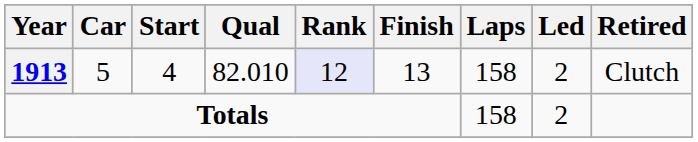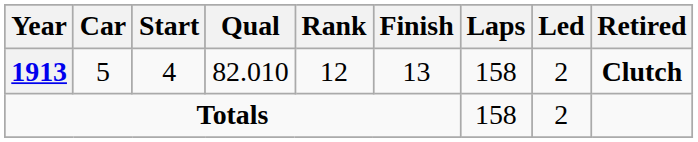 <table class="wikitable" style="text-align:center">
 <tr>
 <th>Year</th>
 <th>Car</th>
 <th>Start</th>
 <th>Qual</th>
 <th>Rank</th>
 <th>Finish</th>
 <th>Laps</th>
 <th>Led</th>
 <th>Retired</th>
 </tr>
 <tr>
 <th><a href='#'>1913</a></th>
 <td>5</td>
 <td>4</td>
 <td>82.010</td>
-<td style="background: lavender;">12</td>
+<td>12</td>
 <td>13</td>
 <td>158</td>
 <td>2</td>
-<td>Clutch</td>
+<td><strong>Clutch</strong></td>
 </tr>
 <tr>
 <td colspan=6><strong>Totals</strong></td>
 <td>158</td>
 <td>2</td>
 <td></td>
 </tr>
 </table>
